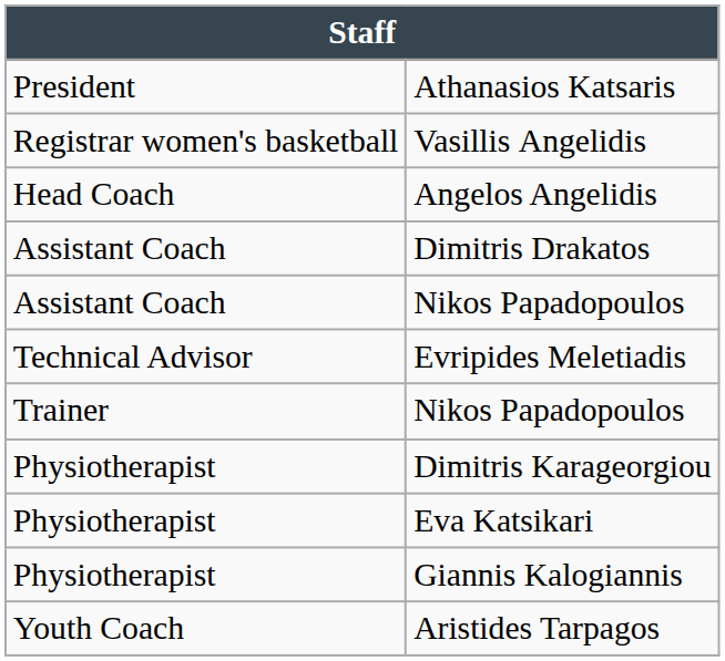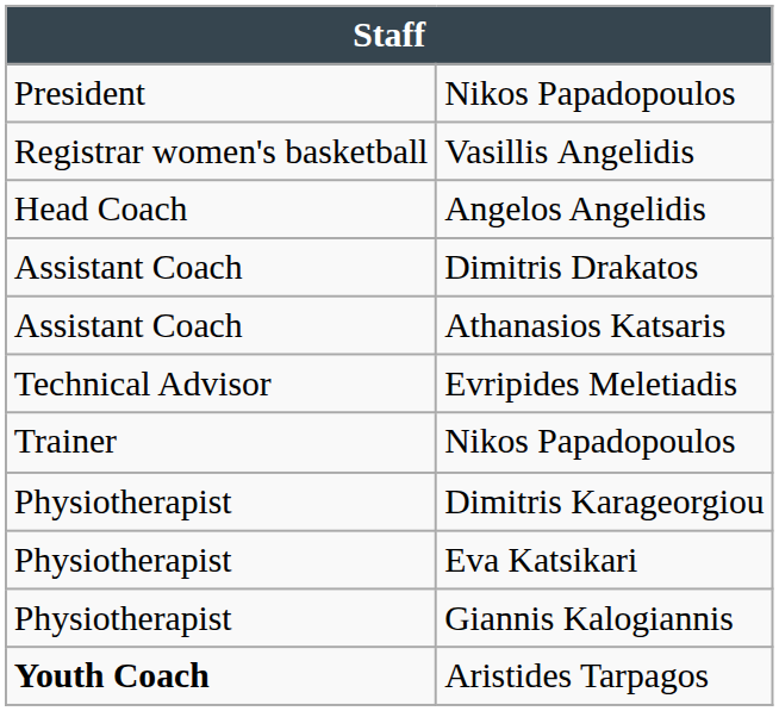 <table class=wikitable bgcolor="white" cellpadding="3" cellspacing="0" border="1" style="font-size: 95%; border-collapse: collapse;">
 <tr>
 <th colspan="2" style="margin:0.7em;color:#fff;text-align:center;background:#36454F">Staff</th>
 </tr>
 <tr>
 <td align="left">President</td>
-<td align="left"> Athanasios Katsaris</td>
+<td align="left"> Nikos Papadopoulos</td>
 </tr>
 <tr>
 <td align="left">Registrar women's basketball</td>
 <td align="left"> Vasillis Αngelidis</td>
 </tr>
 <tr>
 <td align="left">Head Coach</td>
 <td align="left"> Angelos Angelidis</td>
 </tr>
 <tr>
 <td align="left">Assistant Coach</td>
 <td align="left"> Dimitris Drakatos</td>
 </tr>
 <tr>
 <td align="left">Assistant Coach</td>
-<td align="left"> Nikos Papadopoulos</td>
+<td align="left"> Athanasios Katsaris</td>
 </tr>
 <tr>
 <td align="left">Technical Advisor</td>
 <td align="left"> Evripides Meletiadis</td>
 </tr>
 <tr>
 <td align="left">Trainer</td>
 <td align="left"> Nikos Papadopoulos</td>
 </tr>
 <tr>
 <td align="left">Physiotherapist</td>
 <td align="left"> Dimitris Karageorgiou</td>
 </tr>
 <tr>
 <td align="left">Physiotherapist</td>
 <td align="left"> Eva Katsikari</td>
 </tr>
 <tr>
 <td align="left">Physiotherapist</td>
 <td align="left"> Giannis Kalogiannis</td>
 </tr>
 <tr>
-<td align="left">Youth Coach</td>
+<td align="left"><strong>Youth Coach</strong></td>
 <td align="left"> Aristides Tarpagos</td>
 </tr>
 </table>
